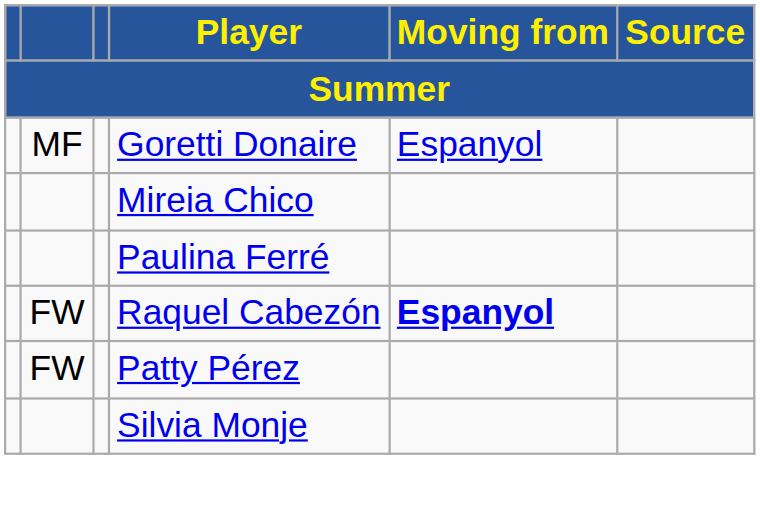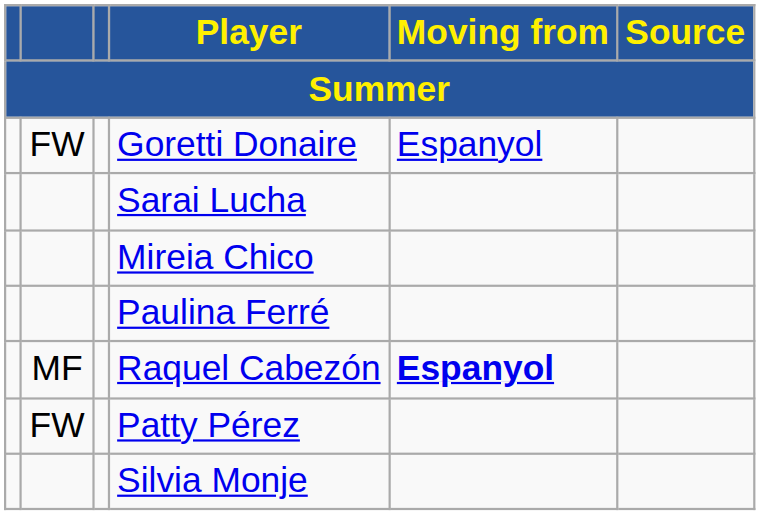 <table class="wikitable plainrowheaders sortable" style="text-align:center">
 <tr>
 <th style="background:#26559B; color:#FFF000; "></th>
 <th style="background:#26559B; color:#FFF000; "></th>
 <th style="background:#26559B; color:#FFF000; "></th>
 <th style="background:#26559B; color:#FFF000; ">Player</th>
 <th style="background:#26559B; color:#FFF000; ">Moving from</th>
 <th style="background:#26559B; color:#FFF000; ">Source</th>
 </tr>
 <tr>
 <th colspan="6" style="background:#26559B; color:#FFF000; ">Summer</th>
 </tr>
 <tr>
 <td></td>
-<td>MF</td>
+<td>FW</td>
 <td></td>
 <td align="left"><a href='#'>Goretti Donaire</a></td>
 <td align="left"><a href='#'>Espanyol</a></td>
+<td></td>
+</tr>
+<tr>
+<td></td>
+<td></td>
+<td></td>
+<td align="left"><a href='#'>Sarai Lucha</a></td>
+<td align="left"></td>
 <td></td>
 </tr>
 <tr>
 <td></td>
 <td></td>
 <td></td>
 <td align="left"><a href='#'>Mireia Chico</a></td>
 <td align="left"></td>
 <td></td>
 </tr>
 <tr>
 <td></td>
 <td></td>
 <td></td>
 <td align="left"><a href='#'>Paulina Ferré</a></td>
 <td align="left"></td>
 <td></td>
 </tr>
 <tr>
 <td></td>
-<td>FW</td>
+<td>MF</td>
 <td></td>
 <td align="left"><a href='#'>Raquel Cabezón</a></td>
 <td align="left"><strong><a href='#'>Espanyol</a></strong></td>
 <td></td>
 </tr>
 <tr>
 <td></td>
 <td>FW</td>
 <td></td>
 <td align="left"><a href='#'>Patty Pérez</a></td>
 <td align="left"></td>
 <td></td>
 </tr>
 <tr>
 <td></td>
 <td></td>
 <td></td>
 <td align="left"><a href='#'>Silvia Monje</a></td>
 <td align="left"></td>
 <td></td>
 </tr>
 </table>
